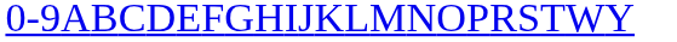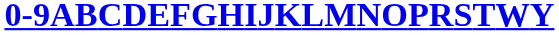 <table id="toc" class="toc" summary="Class">
 <tr>
 <th></th>
 </tr>
 <tr>
-<td style="text-align:center;"><a href='#'>0-9</a><a href='#'>A</a><a href='#'>B</a><a href='#'>C</a><a href='#'>D</a><a href='#'>E</a><a href='#'>F</a><a href='#'>G</a><a href='#'>H</a><a href='#'>I</a><a href='#'>J</a><a href='#'>K</a><a href='#'>L</a><a href='#'>M</a><a href='#'>N</a><a href='#'>O</a><a href='#'>P</a><a href='#'>R</a><a href='#'>S</a><a href='#'>T</a><a href='#'>W</a><a href='#'>Y</a></td>
+<td style="text-align:center;"><strong><a href='#'>0-9</a><a href='#'>A</a><a href='#'>B</a><a href='#'>C</a><a href='#'>D</a><a href='#'>E</a><a href='#'>F</a><a href='#'>G</a><a href='#'>H</a><a href='#'>I</a><a href='#'>J</a><a href='#'>K</a><a href='#'>L</a><a href='#'>M</a><a href='#'>N</a><a href='#'>O</a><a href='#'>P</a><a href='#'>R</a><a href='#'>S</a><a href='#'>T</a><a href='#'>W</a><a href='#'>Y</a></strong></td>
 </tr>
 </table>
